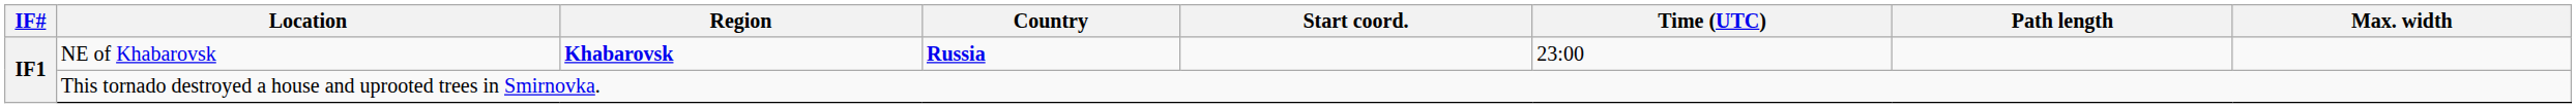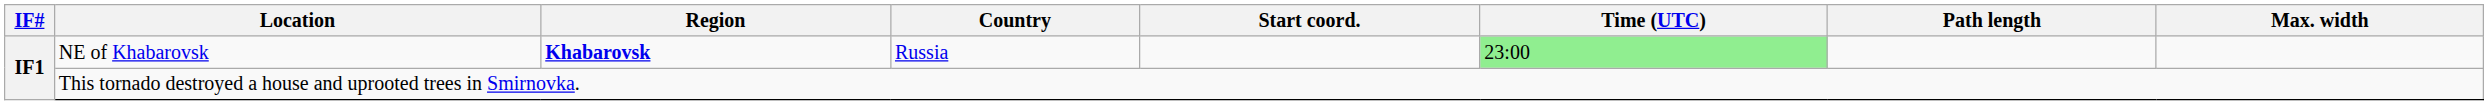 <table class="wikitable sortable" style="width:100%;">
 <tr>
 <th scope="col" width="2%" align="center"><a href='#'>IF#</a></th>
 <th scope="col" align="center" class="unsortable">Location</th>
 <th scope="col" align="center" class="unsortable">Region</th>
 <th scope="col" align="center">Country</th>
 <th scope="col" align="center">Start coord.</th>
 <th scope="col" align="center">Time (<a href='#'>UTC</a>)</th>
 <th scope="col" align="center">Path length</th>
 <th scope="col" align="center">Max. width</th>
 </tr>
 <tr>
 <th scope="row" rowspan="2" style="background-color:#">IF1</th>
 <td>NE of <a href='#'>Khabarovsk</a></td>
 <td><strong><a href='#'>Khabarovsk</a></strong></td>
-<td><strong><a href='#'>Russia</a></strong></td>
+<td><a href='#'>Russia</a></td>
 <td></td>
-<td>23:00</td>
+<td style="background: lightgreen;">23:00</td>
 <td></td>
 <td></td>
 </tr>
 <tr class="expand-child">
 <td colspan="8" style=" border-bottom: 1px solid black;">This tornado destroyed a house and uprooted trees in <a href='#'>Smirnovka</a>.</td>
 </tr>
 </table>
